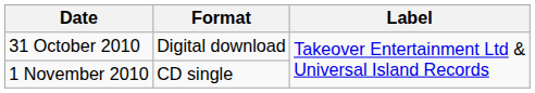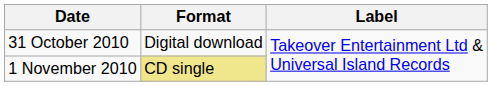 <table class=wikitable>
 <tr>
 <th>Date</th>
 <th>Format</th>
 <th>Label</th>
 </tr>
 <tr>
 <td>31 October 2010</td>
 <td>Digital download</td>
 <td rowspan="2"><a href='#'>Takeover Entertainment Ltd</a> &<br> <a href='#'>Universal Island Records</a></td>
 </tr>
 <tr>
 <td>1 November 2010</td>
-<td>CD single</td>
+<td style="background: khaki;">CD single</td>
 </tr>
 </table>
